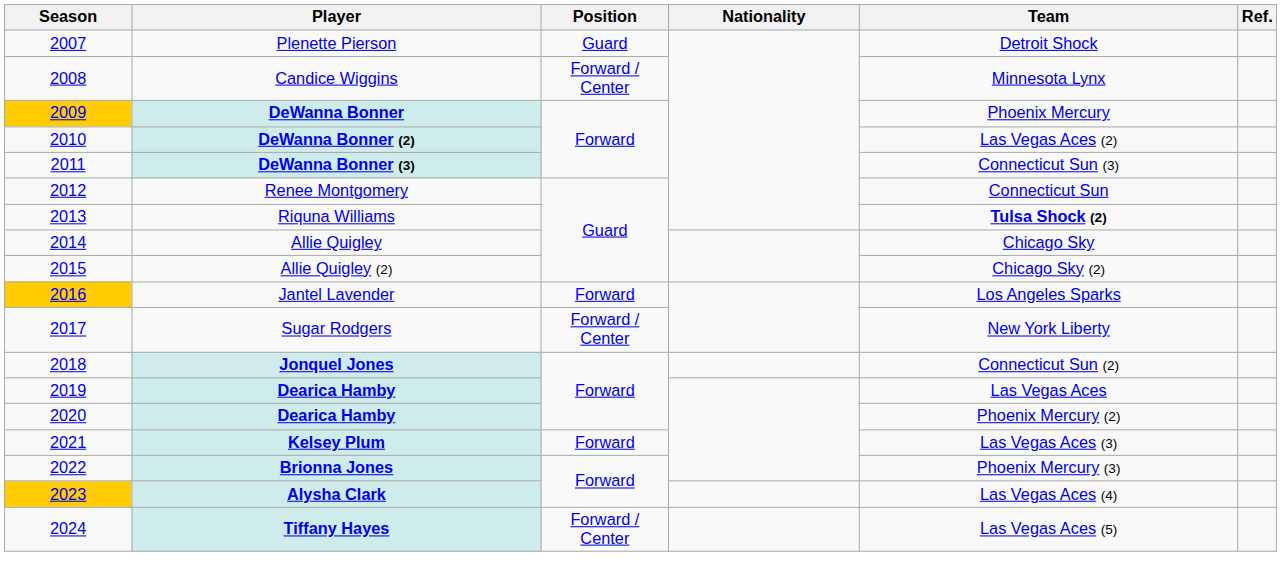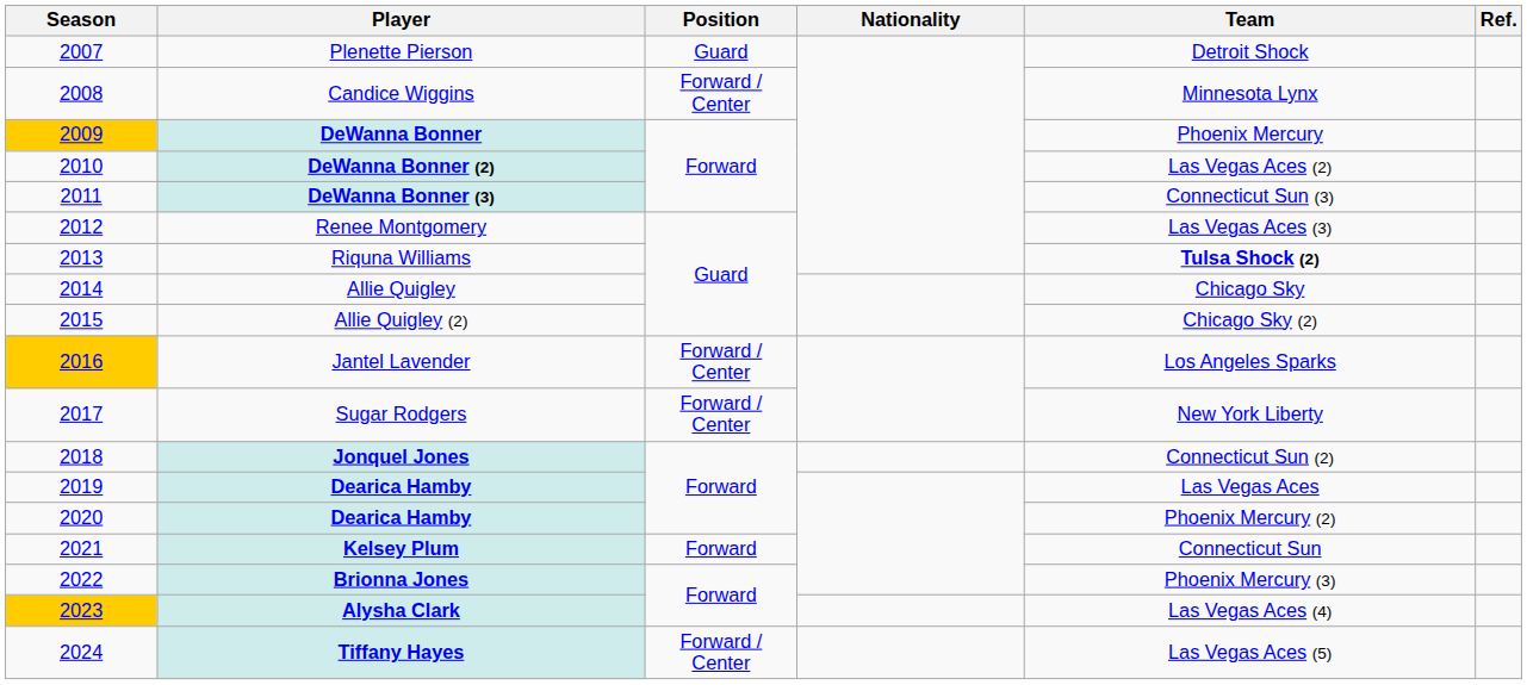 <table class="wikitable sortable" style="text-align:center;">
 <tr>
 <th scope="col" width="10%">Season</th>
 <th scope="col">Player</th>
 <th scope="col" width="10%">Position</th>
 <th scope="col" width="15%">Nationality</th>
 <th scope="col">Team</th>
 <th scope="col" width="1%" class="unsortable">Ref.</th>
 </tr>
 <tr>
 <td><a href='#'>2007</a></td>
 <td><a href='#'>Plenette Pierson</a></td>
 <td><a href='#'>Guard</a></td>
 <td rowspan=7></td>
 <td><a href='#'>Detroit Shock</a></td>
 <td></td>
 </tr>
 <tr>
 <td><a href='#'>2008</a></td>
 <td><a href='#'>Candice Wiggins</a></td>
 <td><a href='#'>Forward / Center</a></td>
 <td><a href='#'>Minnesota Lynx</a></td>
 <td></td>
 </tr>
 <tr>
 <td style="background-color:#FFCC00;"><a href='#'>2009</a></td>
 <th scope="row" style="background-color:#CFECEC"><a href='#'>DeWanna Bonner</a></th>
 <td rowspan=3><a href='#'>Forward</a></td>
 <td><a href='#'>Phoenix Mercury</a></td>
 <td></td>
 </tr>
 <tr>
 <td><a href='#'>2010</a></td>
 <th scope="row" style="background-color:#CFECEC"><a href='#'>DeWanna Bonner</a> <small>(2)</small></th>
 <td><a href='#'>Las Vegas Aces</a> <small>(2)</small></td>
 <td></td>
 </tr>
 <tr>
 <td><a href='#'>2011</a></td>
 <th scope="row" style="background-color:#CFECEC"><a href='#'>DeWanna Bonner</a> <small>(3)</small></th>
 <td><a href='#'>Connecticut Sun</a> <small>(3)</small></td>
 <td></td>
 </tr>
 <tr>
 <td><a href='#'>2012</a></td>
 <td><a href='#'>Renee Montgomery</a></td>
 <td rowspan=4><a href='#'>Guard</a></td>
-<td><a href='#'>Connecticut Sun</a></td>
+<td><a href='#'>Las Vegas Aces</a> <small>(3)</small></td>
 <td></td>
 </tr>
 <tr>
 <td><a href='#'>2013</a></td>
 <td><a href='#'>Riquna Williams</a></td>
 <td><strong><a href='#'>Tulsa Shock</a> <small>(2)</small></strong></td>
 <td></td>
 </tr>
 <tr>
 <td><a href='#'>2014</a></td>
 <td><a href='#'>Allie Quigley</a></td>
 <td rowspan=2></td>
 <td><a href='#'>Chicago Sky</a></td>
 <td></td>
 </tr>
 <tr>
 <td><a href='#'>2015</a></td>
 <td><a href='#'>Allie Quigley</a> <small>(2)</small></td>
 <td><a href='#'>Chicago Sky</a> <small>(2)</small></td>
 <td></td>
 </tr>
 <tr>
 <td style="background-color:#FFCC00;"><a href='#'>2016</a></td>
 <td><a href='#'>Jantel Lavender</a></td>
-<td><a href='#'>Forward</a></td>
+<td><a href='#'>Forward / Center</a></td>
 <td rowspan=2></td>
 <td><a href='#'>Los Angeles Sparks</a></td>
 <td></td>
 </tr>
 <tr>
 <td><a href='#'>2017</a></td>
 <td><a href='#'>Sugar Rodgers</a></td>
 <td><a href='#'>Forward / Center</a></td>
 <td><a href='#'>New York Liberty</a></td>
 <td></td>
 </tr>
 <tr>
 <td><a href='#'>2018</a></td>
 <th scope="row" style="background-color:#CFECEC"><a href='#'>Jonquel Jones</a></th>
 <td rowspan=3><a href='#'>Forward</a></td>
 <td></td>
 <td><a href='#'>Connecticut Sun</a> <small>(2)</small></td>
 <td></td>
 </tr>
 <tr>
 <td><a href='#'>2019</a></td>
 <th scope="row" style="background-color:#CFECEC"><a href='#'>Dearica Hamby</a></th>
 <td rowspan=4></td>
 <td><a href='#'>Las Vegas Aces</a></td>
 <td></td>
 </tr>
 <tr>
 <td><a href='#'>2020</a></td>
 <th scope="row" style="background-color:#CFECEC"><a href='#'>Dearica Hamby</a> </th>
 <td><a href='#'>Phoenix Mercury</a> <small>(2)</small></td>
 <td></td>
 </tr>
 <tr>
 <td><a href='#'>2021</a></td>
 <th scope="row" style="background-color:#CFECEC"><a href='#'>Kelsey Plum</a></th>
 <td><a href='#'>Forward</a></td>
-<td><a href='#'>Las Vegas Aces</a> <small>(3)</small></td>
+<td><a href='#'>Connecticut Sun</a></td>
 <td></td>
 </tr>
 <tr>
 <td><a href='#'>2022</a></td>
 <th scope="row" style="background-color:#CFECEC"><a href='#'>Brionna Jones</a></th>
 <td rowspan=2><a href='#'>Forward</a></td>
 <td><a href='#'>Phoenix Mercury</a> <small>(3)</small></td>
 <td></td>
 </tr>
 <tr>
 <td style="background-color:#FFCC00;"><a href='#'>2023</a></td>
 <th scope="row" style="background-color:#CFECEC"><a href='#'>Alysha Clark</a></th>
 <td></td>
 <td><a href='#'>Las Vegas Aces</a> <small>(4)</small></td>
 <td></td>
 </tr>
 <tr>
 <td><a href='#'>2024</a></td>
 <th scope="row" style="background-color:#CFECEC"><a href='#'>Tiffany Hayes</a></th>
 <td><a href='#'>Forward / Center</a></td>
 <td></td>
 <td><a href='#'>Las Vegas Aces</a> <small>(5)</small></td>
 <td></td>
 </tr>
 </table>
